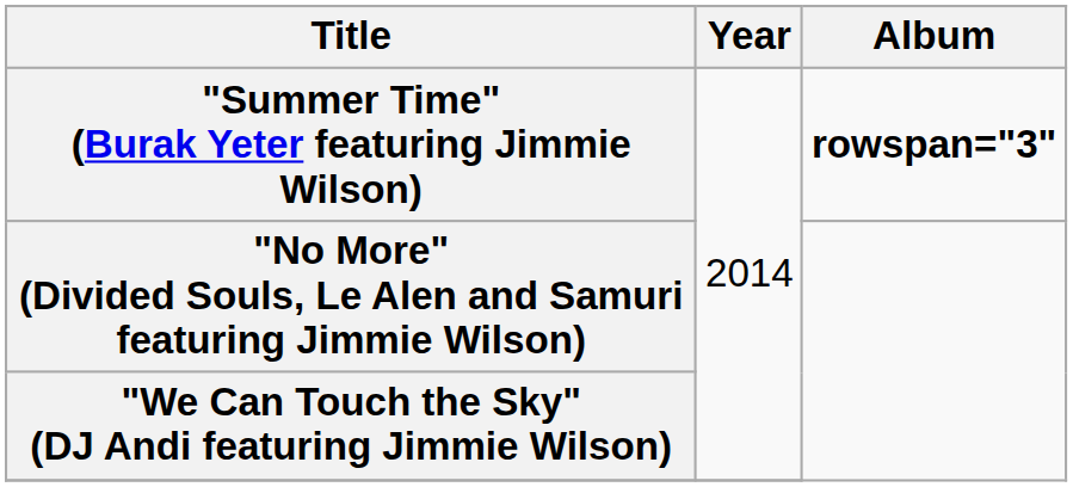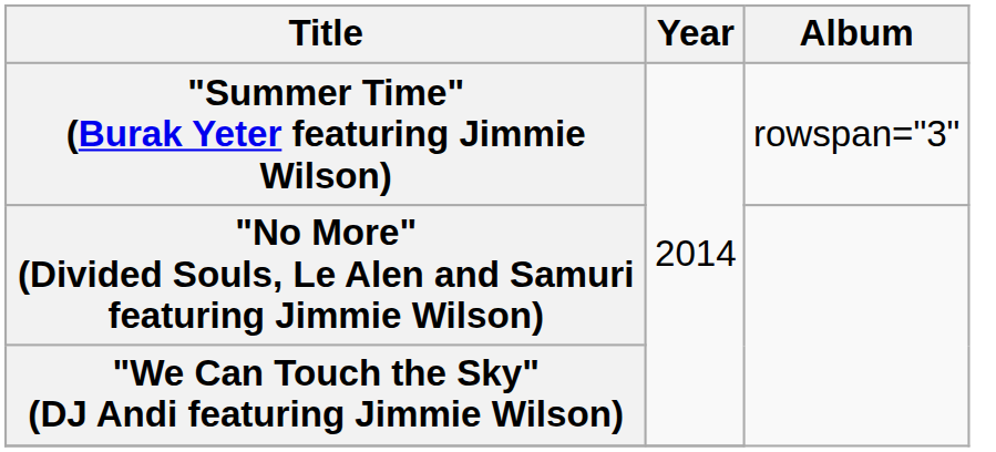 <table class="wikitable plainrowheaders" style="text-align:center;">
 <tr>
 <th scope="col" style="width:17em;">Title</th>
 <th scope="col" style="width:1em;">Year</th>
 <th scope="col">Album</th>
 </tr>
 <tr>
 <th scope="row">"Summer Time"<br><span>(<a href='#'>Burak Yeter</a> featuring Jimmie Wilson)</span></th>
 <td rowspan="3">2014</td>
-<td><strong>rowspan="3" </strong></td>
+<td>rowspan="3" </td>
 </tr>
 <tr>
 <th scope="row">"No More"<br><span>(Divided Souls, Le Alen and Samuri featuring Jimmie Wilson)</span></th>
 </tr>
 <tr>
 <th scope="row">"We Can Touch the Sky"<br><span>(DJ Andi featuring Jimmie Wilson)</span></th>
 </tr>
 <tr>
 </tr>
 </table>
